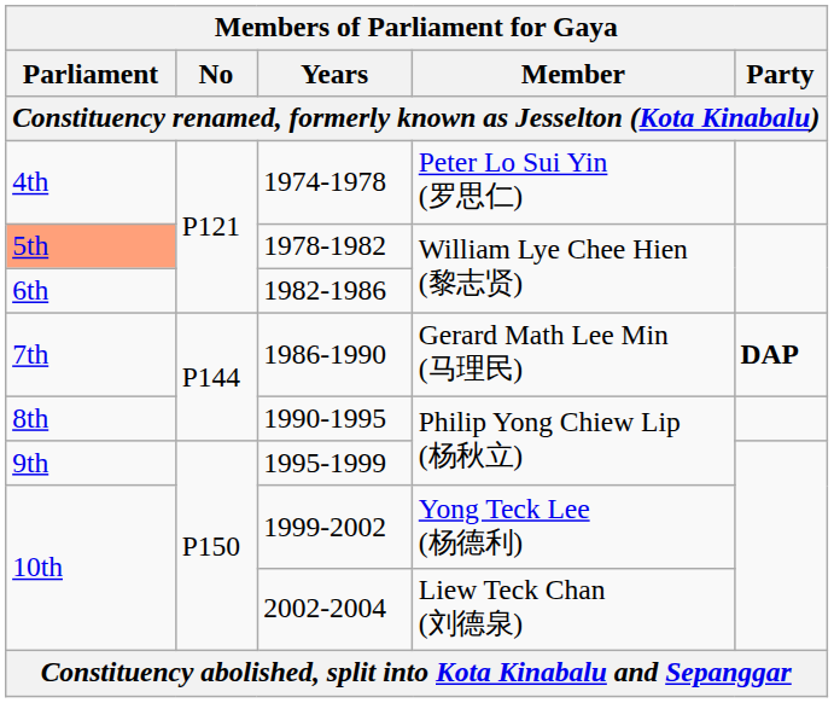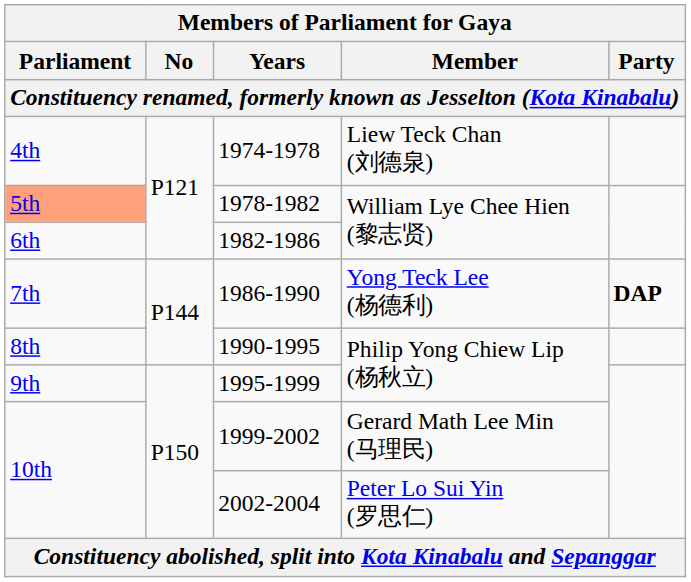 <table class=wikitable>
 <tr>
 <th colspan="5">Members of Parliament for Gaya</th>
 </tr>
 <tr>
 <th>Parliament</th>
 <th>No</th>
 <th>Years</th>
 <th>Member</th>
 <th>Party</th>
 </tr>
 <tr>
 <th colspan="5" align="center"><em>Constituency renamed, formerly known as Jesselton (<a href='#'>Kota Kinabalu</a>)</em></th>
 </tr>
 <tr>
 <td><a href='#'>4th</a></td>
 <td rowspan="3">P121</td>
 <td>1974-1978</td>
-<td><a href='#'>Peter Lo Sui Yin</a>  <br>(罗思仁)</td>
+<td>Liew Teck Chan <br> (刘德泉)</td>
 <td></td>
 </tr>
 <tr>
 <td style="background: lightsalmon;"><a href='#'>5th</a></td>
 <td>1978-1982</td>
 <td rowspan=2>William Lye Chee Hien <br> (黎志贤)</td>
 <td rowspan="2"></td>
 </tr>
 <tr>
 <td><a href='#'>6th</a></td>
 <td>1982-1986</td>
 </tr>
 <tr>
 <td><a href='#'>7th</a></td>
 <td rowspan="2">P144</td>
 <td>1986-1990</td>
-<td>Gerard Math Lee Min <br> (马理民)</td>
+<td><a href='#'>Yong Teck Lee</a>  <br>(杨德利)</td>
 <td><strong>DAP</strong></td>
 </tr>
 <tr>
 <td><a href='#'>8th</a></td>
 <td>1990-1995</td>
 <td rowspan=2>Philip Yong Chiew Lip <br> (杨秋立)</td>
 <td bgcolor=></td>
 </tr>
 <tr>
 <td><a href='#'>9th</a></td>
 <td rowspan="3">P150</td>
 <td>1995-1999</td>
 <td rowspan=3></td>
 </tr>
 <tr>
 <td rowspan=2><a href='#'>10th</a></td>
 <td>1999-2002</td>
-<td><a href='#'>Yong Teck Lee</a>  <br>(杨德利)</td>
+<td>Gerard Math Lee Min <br> (马理民)</td>
 </tr>
 <tr>
 <td>2002-2004</td>
-<td>Liew Teck Chan <br> (刘德泉)</td>
+<td><a href='#'>Peter Lo Sui Yin</a>  <br>(罗思仁)</td>
 </tr>
 <tr>
 <th colspan="5" align="center"><em>Constituency abolished, split into <a href='#'>Kota Kinabalu</a> and <a href='#'>Sepanggar</a></em></th>
 </tr>
 </table>
